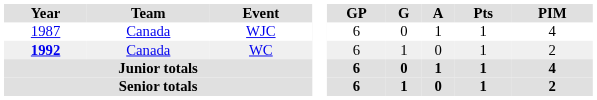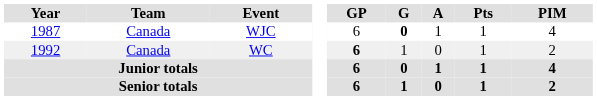 <table border="0" cellpadding="1" cellspacing="0" style="text-align:center; width:40em">
 <tr ALIGN="center" bgcolor="#e0e0e0">
 <th>Year</th>
 <th>Team</th>
 <th>Event</th>
 <th rowspan="99" bgcolor="#ffffff"> </th>
 <th>GP</th>
 <th>G</th>
 <th>A</th>
 <th>Pts</th>
 <th>PIM</th>
 </tr>
 <tr>
 <td><a href='#'>1987</a></td>
 <td><a href='#'>Canada</a></td>
 <td><a href='#'>WJC</a></td>
 <td>6</td>
-<td>0</td>
+<td><strong>0</strong></td>
 <td>1</td>
 <td>1</td>
 <td>4</td>
 </tr>
 <tr style="background:#f0f0f0;">
-<td><strong><a href='#'>1992</a></strong></td>
+<td><a href='#'>1992</a></td>
 <td><a href='#'>Canada</a></td>
 <td><a href='#'>WC</a></td>
-<td>6</td>
+<td><strong>6</strong></td>
 <td>1</td>
 <td>0</td>
 <td>1</td>
 <td>2</td>
 </tr>
 <tr bgcolor="#e0e0e0">
 <th colspan=3>Junior totals</th>
 <th>6</th>
 <th>0</th>
 <th>1</th>
 <th>1</th>
 <th>4</th>
 </tr>
 <tr bgcolor="#e0e0e0">
 <th colspan=3>Senior totals</th>
 <th>6</th>
 <th>1</th>
 <th>0</th>
 <th>1</th>
 <th>2</th>
 </tr>
 </table>
